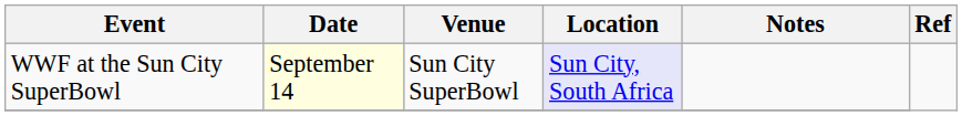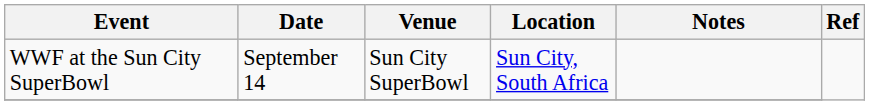 <table class="wikitable plainrowheaders sortable" style="width:100%;">
 <tr>
 <th style="width:29%;">Event</th>
 <th style="width:15%;">Date</th>
 <th style="width:15%;">Venue</th>
 <th style="width:15%;">Location</th>
 <th style="width:99%;">Notes</th>
 <th style="width:99%;">Ref</th>
 </tr>
 <tr>
 <td>WWF at the Sun City SuperBowl</td>
-<td style="background: lightyellow;">September 14</td>
+<td>September 14</td>
 <td>Sun City SuperBowl</td>
-<td style="background: lavender;"><a href='#'>Sun City, South Africa</a></td>
+<td><a href='#'>Sun City, South Africa</a></td>
 <td></td>
 </tr>
 <tr>
 </tr>
 </table>
